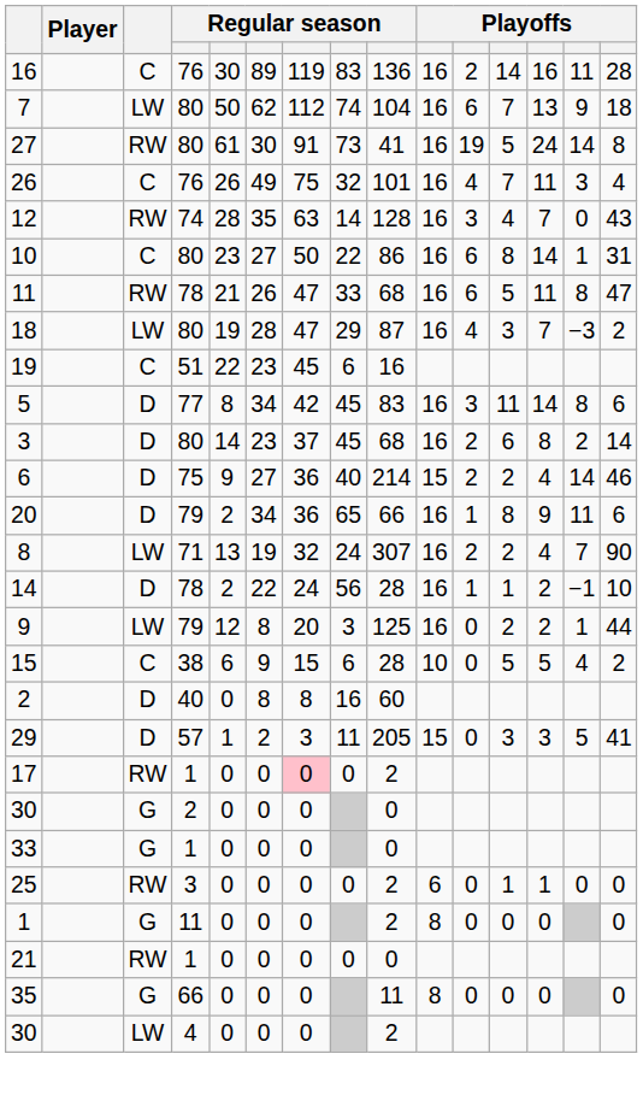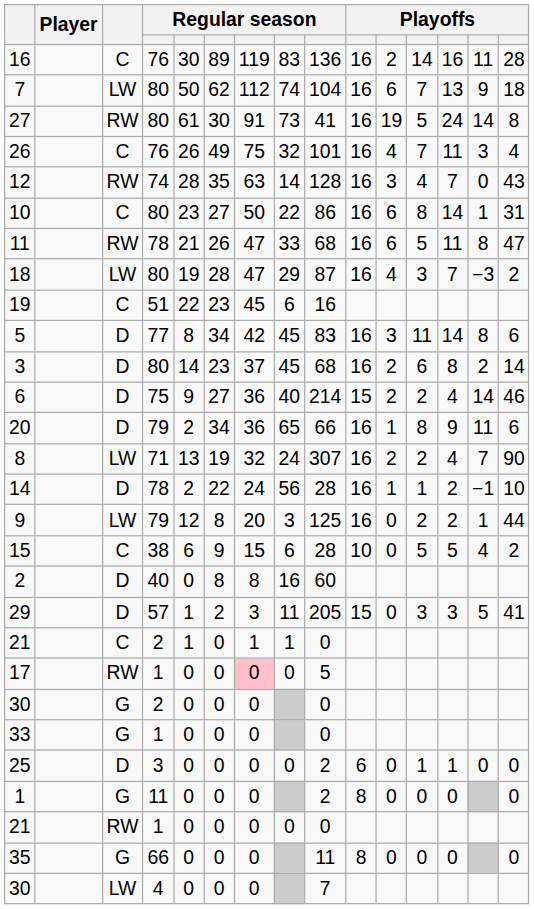 <table class="wikitable sortable plainrowheaders" style="text-align:center;">
 <tr>
 <th scope="col" data-sort-type="number" rowspan="2"></th>
 <th scope="col" rowspan="2">Player</th>
 <th scope="col" rowspan="2"></th>
 <th scope=colgroup colspan=6>Regular season</th>
 <th scope=colgroup colspan=6>Playoffs</th>
 </tr>
 <tr>
 <th scope="col" data-sort-type="number"></th>
 <th scope="col" data-sort-type="number"></th>
 <th scope="col" data-sort-type="number"></th>
 <th scope="col" data-sort-type="number"></th>
 <th scope="col" data-sort-type="number"></th>
 <th scope="col" data-sort-type="number"></th>
 <th scope="col" data-sort-type="number"></th>
 <th scope="col" data-sort-type="number"></th>
 <th scope="col" data-sort-type="number"></th>
 <th scope="col" data-sort-type="number"></th>
 <th scope="col" data-sort-type="number"></th>
 <th scope="col" data-sort-type="number"></th>
 </tr>
 <tr>
 <td scope="row">16</td>
 <td align="left"></td>
 <td>C</td>
 <td>76</td>
 <td>30</td>
 <td>89</td>
 <td>119</td>
 <td>83</td>
 <td>136</td>
 <td>16</td>
 <td>2</td>
 <td>14</td>
 <td>16</td>
 <td>11</td>
 <td>28</td>
 </tr>
 <tr>
 <td scope="row">7</td>
 <td align="left"></td>
 <td>LW</td>
 <td>80</td>
 <td>50</td>
 <td>62</td>
 <td>112</td>
 <td>74</td>
 <td>104</td>
 <td>16</td>
 <td>6</td>
 <td>7</td>
 <td>13</td>
 <td>9</td>
 <td>18</td>
 </tr>
 <tr>
 <td scope="row">27</td>
 <td align="left"></td>
 <td>RW</td>
 <td>80</td>
 <td>61</td>
 <td>30</td>
 <td>91</td>
 <td>73</td>
 <td>41</td>
 <td>16</td>
 <td>19</td>
 <td>5</td>
 <td>24</td>
 <td>14</td>
 <td>8</td>
 </tr>
 <tr>
 <td scope="row">26</td>
 <td align="left"></td>
 <td>C</td>
 <td>76</td>
 <td>26</td>
 <td>49</td>
 <td>75</td>
 <td>32</td>
 <td>101</td>
 <td>16</td>
 <td>4</td>
 <td>7</td>
 <td>11</td>
 <td>3</td>
 <td>4</td>
 </tr>
 <tr>
 <td scope="row">12</td>
 <td align="left"></td>
 <td>RW</td>
 <td>74</td>
 <td>28</td>
 <td>35</td>
 <td>63</td>
 <td>14</td>
 <td>128</td>
 <td>16</td>
 <td>3</td>
 <td>4</td>
 <td>7</td>
 <td>0</td>
 <td>43</td>
 </tr>
 <tr>
 <td scope="row">10</td>
 <td align="left"></td>
 <td>C</td>
 <td>80</td>
 <td>23</td>
 <td>27</td>
 <td>50</td>
 <td>22</td>
 <td>86</td>
 <td>16</td>
 <td>6</td>
 <td>8</td>
 <td>14</td>
 <td>1</td>
 <td>31</td>
 </tr>
 <tr>
 <td scope="row">11</td>
 <td align="left"></td>
 <td>RW</td>
 <td>78</td>
 <td>21</td>
 <td>26</td>
 <td>47</td>
 <td>33</td>
 <td>68</td>
 <td>16</td>
 <td>6</td>
 <td>5</td>
 <td>11</td>
 <td>8</td>
 <td>47</td>
 </tr>
 <tr>
 <td scope="row">18</td>
 <td align="left"></td>
 <td>LW</td>
 <td>80</td>
 <td>19</td>
 <td>28</td>
 <td>47</td>
 <td>29</td>
 <td>87</td>
 <td>16</td>
 <td>4</td>
 <td>3</td>
 <td>7</td>
 <td>−3</td>
 <td>2</td>
 </tr>
 <tr>
 <td scope="row">19</td>
 <td align="left"></td>
 <td>C</td>
 <td>51</td>
 <td>22</td>
 <td>23</td>
 <td>45</td>
 <td>6</td>
 <td>16</td>
 <td></td>
 <td></td>
 <td></td>
 <td></td>
 <td></td>
 <td></td>
 </tr>
 <tr>
 <td scope="row">5</td>
 <td align="left"></td>
 <td>D</td>
 <td>77</td>
 <td>8</td>
 <td>34</td>
 <td>42</td>
 <td>45</td>
 <td>83</td>
 <td>16</td>
 <td>3</td>
 <td>11</td>
 <td>14</td>
 <td>8</td>
 <td>6</td>
 </tr>
 <tr>
 <td scope="row">3</td>
 <td align="left"></td>
 <td>D</td>
 <td>80</td>
 <td>14</td>
 <td>23</td>
 <td>37</td>
 <td>45</td>
 <td>68</td>
 <td>16</td>
 <td>2</td>
 <td>6</td>
 <td>8</td>
 <td>2</td>
 <td>14</td>
 </tr>
 <tr>
 <td scope="row">6</td>
 <td align="left"></td>
 <td>D</td>
 <td>75</td>
 <td>9</td>
 <td>27</td>
 <td>36</td>
 <td>40</td>
 <td>214</td>
 <td>15</td>
 <td>2</td>
 <td>2</td>
 <td>4</td>
 <td>14</td>
 <td>46</td>
 </tr>
 <tr>
 <td scope="row">20</td>
 <td align="left"></td>
 <td>D</td>
 <td>79</td>
 <td>2</td>
 <td>34</td>
 <td>36</td>
 <td>65</td>
 <td>66</td>
 <td>16</td>
 <td>1</td>
 <td>8</td>
 <td>9</td>
 <td>11</td>
 <td>6</td>
 </tr>
 <tr>
 <td scope="row">8</td>
 <td align="left"></td>
 <td>LW</td>
 <td>71</td>
 <td>13</td>
 <td>19</td>
 <td>32</td>
 <td>24</td>
 <td>307</td>
 <td>16</td>
 <td>2</td>
 <td>2</td>
 <td>4</td>
 <td>7</td>
 <td>90</td>
 </tr>
 <tr>
 <td scope="row">14</td>
 <td align="left"></td>
 <td>D</td>
 <td>78</td>
 <td>2</td>
 <td>22</td>
 <td>24</td>
 <td>56</td>
 <td>28</td>
 <td>16</td>
 <td>1</td>
 <td>1</td>
 <td>2</td>
 <td>−1</td>
 <td>10</td>
 </tr>
 <tr>
 <td scope="row">9</td>
 <td align="left"></td>
 <td>LW</td>
 <td>79</td>
 <td>12</td>
 <td>8</td>
 <td>20</td>
 <td>3</td>
 <td>125</td>
 <td>16</td>
 <td>0</td>
 <td>2</td>
 <td>2</td>
 <td>1</td>
 <td>44</td>
 </tr>
 <tr>
 <td scope="row">15</td>
 <td align="left"></td>
 <td>C</td>
 <td>38</td>
 <td>6</td>
 <td>9</td>
 <td>15</td>
 <td>6</td>
 <td>28</td>
 <td>10</td>
 <td>0</td>
 <td>5</td>
 <td>5</td>
 <td>4</td>
 <td>2</td>
 </tr>
 <tr>
 <td scope="row">2</td>
 <td align="left"></td>
 <td>D</td>
 <td>40</td>
 <td>0</td>
 <td>8</td>
 <td>8</td>
 <td>16</td>
 <td>60</td>
 <td></td>
 <td></td>
 <td></td>
 <td></td>
 <td></td>
 <td></td>
 </tr>
 <tr>
 <td scope="row">29</td>
 <td align="left"></td>
 <td>D</td>
 <td>57</td>
 <td>1</td>
 <td>2</td>
 <td>3</td>
 <td>11</td>
 <td>205</td>
 <td>15</td>
 <td>0</td>
 <td>3</td>
 <td>3</td>
 <td>5</td>
 <td>41</td>
 </tr>
 <tr>
+<td scope="row">21</td>
+<td align="left"></td>
+<td>C</td>
+<td>2</td>
+<td>1</td>
+<td>0</td>
+<td>1</td>
+<td>1</td>
+<td>0</td>
+<td></td>
+<td></td>
+<td></td>
+<td></td>
+<td></td>
+<td></td>
+</tr>
+<tr>
 <td scope="row">17</td>
 <td align="left"></td>
 <td>RW</td>
 <td>1</td>
 <td>0</td>
 <td>0</td>
 <td style="background: pink;">0</td>
 <td>0</td>
-<td>2</td>
+<td>5</td>
 <td></td>
 <td></td>
 <td></td>
 <td></td>
 <td></td>
 <td></td>
 </tr>
 <tr>
 <td scope="row">30</td>
 <td align="left"></td>
 <td>G</td>
 <td>2</td>
 <td>0</td>
 <td>0</td>
 <td>0</td>
 <td style="background:#ccc"></td>
 <td>0</td>
 <td></td>
 <td></td>
 <td></td>
 <td></td>
 <td></td>
 <td></td>
 </tr>
 <tr>
 <td scope="row">33</td>
 <td align="left"></td>
 <td>G</td>
 <td>1</td>
 <td>0</td>
 <td>0</td>
 <td>0</td>
 <td style="background:#ccc"></td>
 <td>0</td>
 <td></td>
 <td></td>
 <td></td>
 <td></td>
 <td></td>
 <td></td>
 </tr>
 <tr>
 <td scope="row">25</td>
 <td align="left"></td>
-<td>RW</td>
+<td>D</td>
 <td>3</td>
 <td>0</td>
 <td>0</td>
 <td>0</td>
 <td>0</td>
 <td>2</td>
 <td>6</td>
 <td>0</td>
 <td>1</td>
 <td>1</td>
 <td>0</td>
 <td>0</td>
 </tr>
 <tr>
 <td scope="row">1</td>
 <td align="left"></td>
 <td>G</td>
 <td>11</td>
 <td>0</td>
 <td>0</td>
 <td>0</td>
 <td style="background:#ccc"></td>
 <td>2</td>
 <td>8</td>
 <td>0</td>
 <td>0</td>
 <td>0</td>
 <td style="background:#ccc"></td>
 <td>0</td>
 </tr>
 <tr>
 <td scope="row">21</td>
 <td align="left"></td>
 <td>RW</td>
 <td>1</td>
 <td>0</td>
 <td>0</td>
 <td>0</td>
 <td>0</td>
 <td>0</td>
 <td></td>
 <td></td>
 <td></td>
 <td></td>
 <td></td>
 <td></td>
 </tr>
 <tr>
 <td scope="row">35</td>
 <td align="left"></td>
 <td>G</td>
 <td>66</td>
 <td>0</td>
 <td>0</td>
 <td>0</td>
 <td style="background:#ccc"></td>
 <td>11</td>
 <td>8</td>
 <td>0</td>
 <td>0</td>
 <td>0</td>
 <td style="background:#ccc"></td>
 <td>0</td>
 </tr>
 <tr>
 <td scope="row">30</td>
 <td align="left"></td>
 <td>LW</td>
 <td>4</td>
 <td>0</td>
 <td>0</td>
 <td>0</td>
 <td style="background:#ccc"></td>
-<td>2</td>
+<td>7</td>
 <td></td>
 <td></td>
 <td></td>
 <td></td>
 <td></td>
 <td></td>
 </tr>
 </table>
